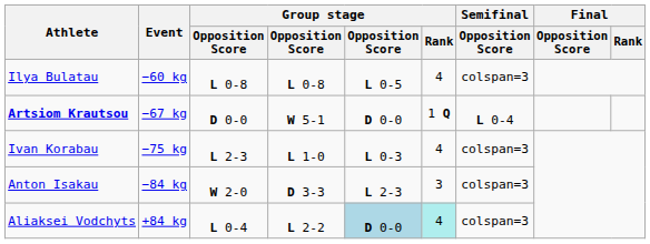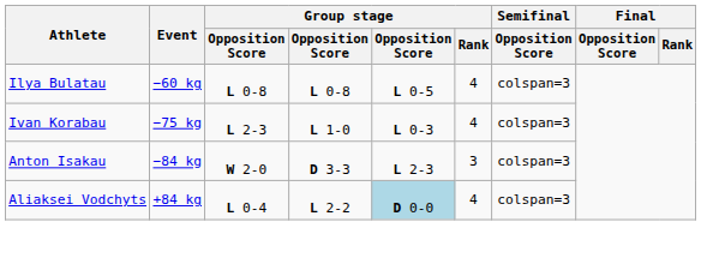 <table class="wikitable" style="text-align:center; font-size:90%">
 <tr>
 <th rowspan=2>Athlete</th>
 <th rowspan=2>Event</th>
 <th colspan=4>Group stage</th>
 <th>Semifinal</th>
 <th colspan=2>Final</th>
 </tr>
 <tr style="font-size:95%">
 <th>Opposition<br>Score</th>
 <th>Opposition<br>Score</th>
 <th>Opposition<br>Score</th>
 <th>Rank</th>
 <th>Opposition<br>Score</th>
 <th>Opposition<br>Score</th>
 <th>Rank</th>
 </tr>
 <tr>
 <td align=left><a href='#'>Ilya Bulatau</a></td>
 <td align=left><a href='#'>−60 kg</a></td>
 <td><br><strong>L</strong> 0-8</td>
 <td><br><strong>L</strong> 0-8</td>
 <td><br><strong>L</strong> 0-5</td>
 <td>4</td>
 <td>colspan=3 </td>
 </tr>
 <tr>
-<td align=left><strong><a href='#'>Artsiom Krautsou</a></strong></td>
-<td align=left><a href='#'>−67 kg</a></td>
-<td><br><strong>D</strong> 0-0</td>
-<td><br><strong>W</strong> 5-1</td>
-<td><br><strong>D</strong> 0-0</td>
-<td>1 <strong>Q</strong></td>
-<td><br><strong>L</strong> 0-4</td>
-<td></td>
-<td></td>
-</tr>
-<tr>
 <td align=left><a href='#'>Ivan Korabau</a></td>
 <td align=left><a href='#'>−75 kg</a></td>
 <td><br><strong>L</strong> 2-3</td>
 <td><br><strong>L</strong> 1-0</td>
 <td><br><strong>L</strong> 0-3</td>
 <td>4</td>
 <td>colspan=3 </td>
 </tr>
 <tr>
 <td align=left><a href='#'>Anton Isakau </a></td>
 <td align=left><a href='#'>−84 kg</a></td>
 <td><br><strong>W</strong> 2-0</td>
 <td><br><strong>D</strong> 3-3</td>
 <td><br><strong>L</strong> 2-3</td>
 <td>3</td>
 <td>colspan=3 </td>
 </tr>
 <tr>
 <td align=left><a href='#'>Aliaksei Vodchyts</a></td>
 <td align=left><a href='#'>+84 kg</a></td>
 <td><br><strong>L</strong> 0-4</td>
 <td><br><strong>L</strong> 2-2</td>
 <td style="background: lightblue;"><br><strong>D</strong> 0-0</td>
-<td style="background: paleturquoise;">4</td>
+<td>4</td>
 <td>colspan=3 </td>
 </tr>
 </table>
